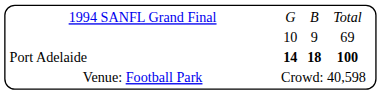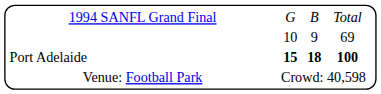 <table style="margin-right:4px; margin-top:8px; float:right; border:1px #000 solid; border-radius:8px; background:#fff; font-family:Verdana; font-size:8pt; text-align:center;">
 <tr>
 <td width=200><a href='#'>1994 SANFL Grand Final</a></td>
 <td><em>G</em></td>
 <td><em>B</em></td>
 <td><em>Total</em></td>
 </tr>
 <tr>
 <td style="text-align:left"></td>
 <td>10</td>
 <td>9</td>
 <td>69</td>
 </tr>
 <tr>
 <td style="text-align:left">Port Adelaide</td>
-<td><strong>14</strong></td>
+<td><strong>15</strong></td>
 <td><strong>18</strong></td>
 <td><strong>100</strong></td>
 </tr>
 <tr>
 <td>Venue: <a href='#'>Football Park</a></td>
 <td colspan=3>Crowd: 40,598</td>
 <td colspan=3></td>
 </tr>
 </table>
